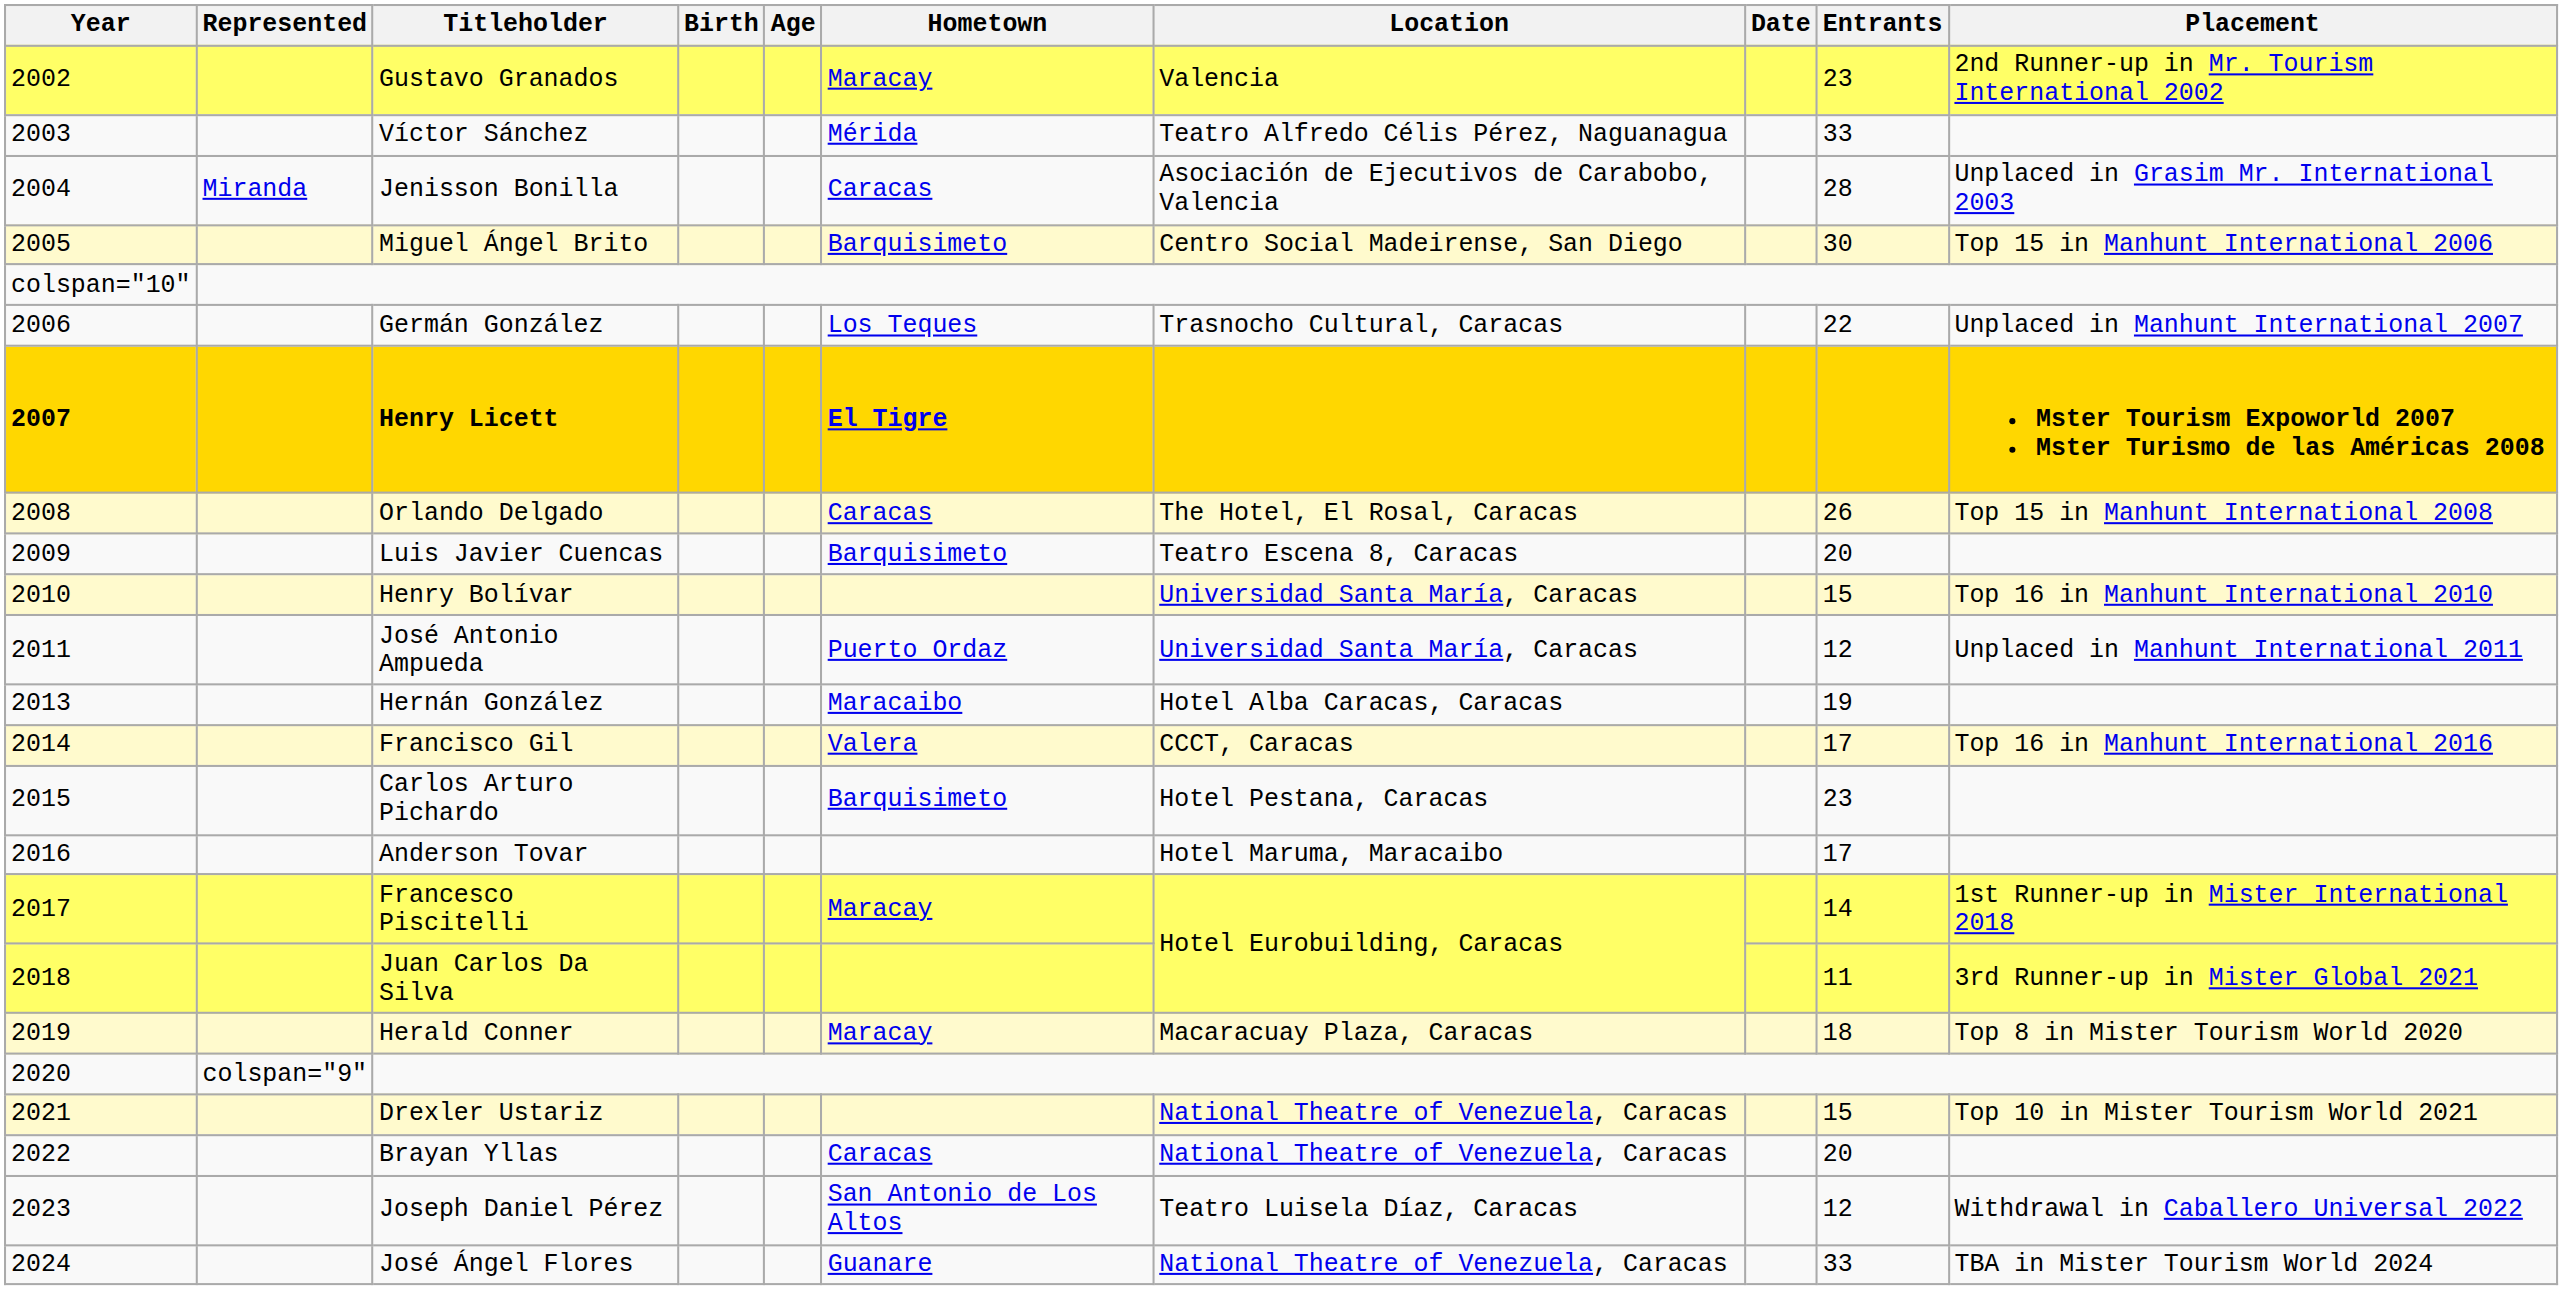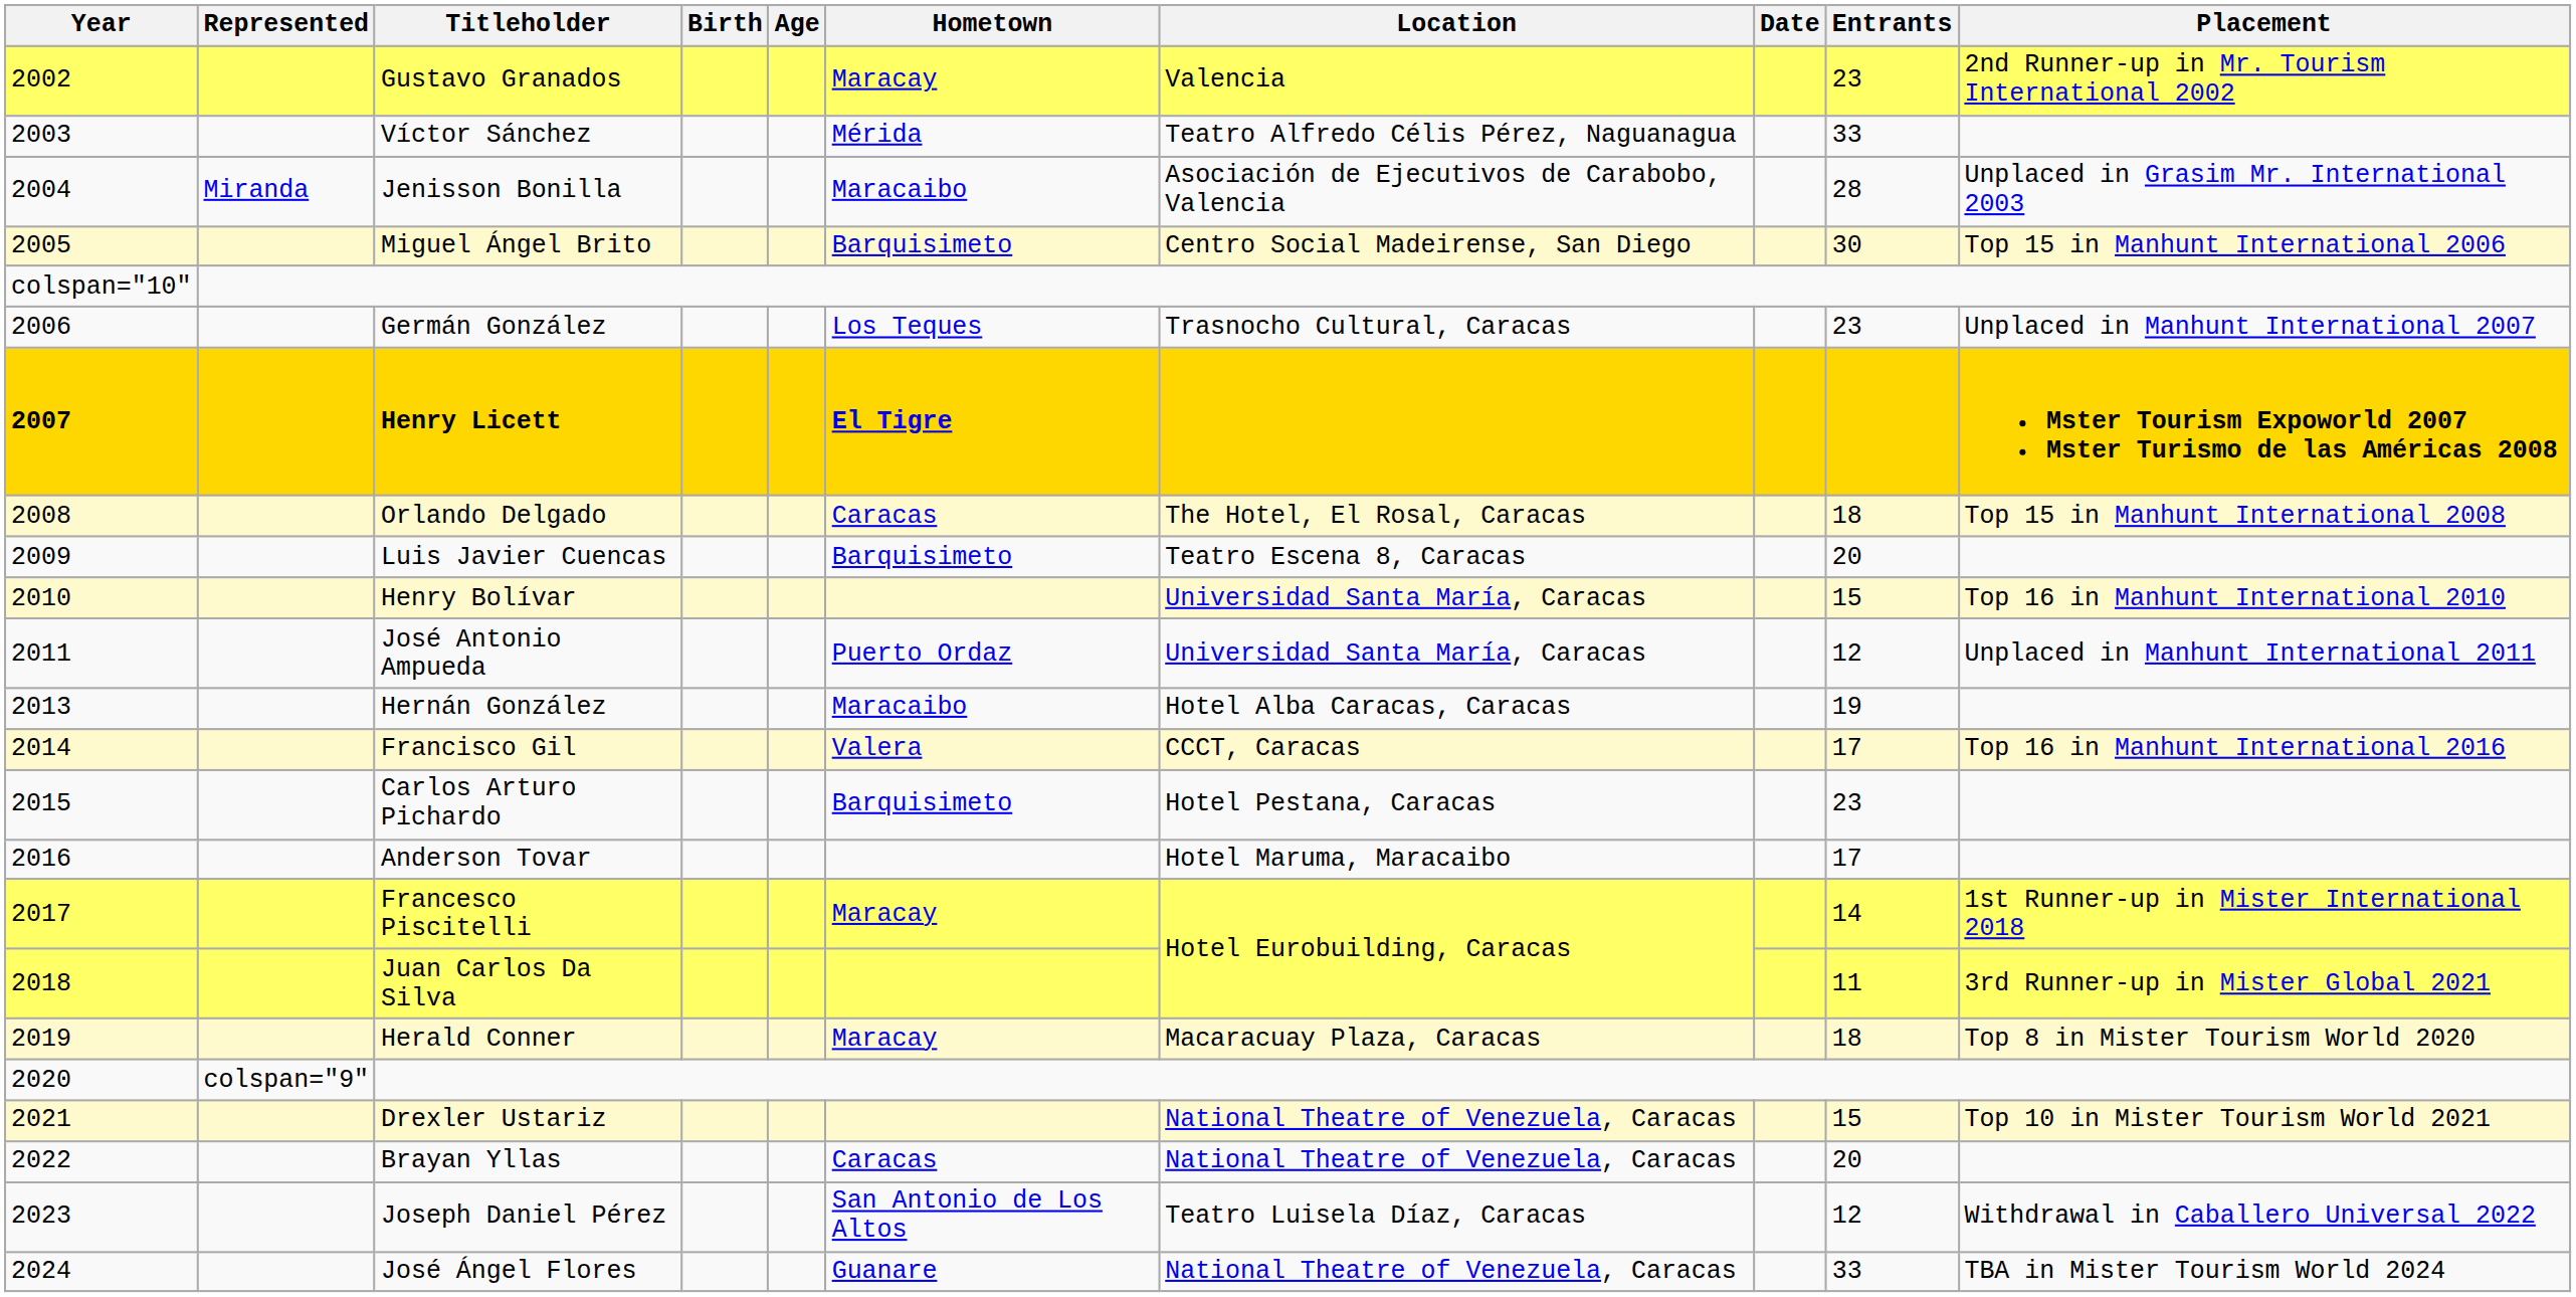 <table class="wikitable sortable" style="margin: 0 1em 0 0; background: #f9f9f9; border: 1px #aaa solid; border-collapse: collapse; font-size: 94%;">
 <tr bgcolor="efefef">
 <th>Year</th>
 <th>Represented</th>
 <th>Titleholder</th>
 <th>Birth</th>
 <th>Age</th>
 <th>Hometown</th>
 <th>Location</th>
 <th>Date</th>
 <th>Entrants</th>
 <th>Placement</th>
 </tr>
 <tr style="background-color:#FFFF66;">
 <td>2002</td>
 <td></td>
 <td>Gustavo Granados</td>
 <td></td>
 <td></td>
 <td><a href='#'>Maracay</a></td>
 <td>Valencia</td>
 <td></td>
 <td>23</td>
 <td>2nd Runner-up in <a href='#'>Mr. Tourism International 2002</a></td>
 </tr>
 <tr>
 <td>2003</td>
 <td></td>
 <td>Víctor Sánchez</td>
 <td></td>
 <td></td>
 <td><a href='#'>Mérida</a></td>
 <td>Teatro Alfredo Célis Pérez, Naguanagua</td>
 <td></td>
 <td>33</td>
 <td></td>
 </tr>
 <tr>
 <td>2004</td>
 <td> <a href='#'>Miranda</a></td>
 <td>Jenisson Bonilla</td>
 <td></td>
 <td></td>
-<td><a href='#'>Caracas</a></td>
+<td><a href='#'>Maracaibo</a></td>
 <td>Asociación de Ejecutivos de Carabobo, Valencia</td>
 <td></td>
 <td>28</td>
 <td>Unplaced in <a href='#'>Grasim Mr. International 2003</a></td>
 </tr>
 <tr style="background-color:#FFFACD;">
 <td>2005</td>
 <td></td>
 <td>Miguel Ángel Brito</td>
 <td></td>
 <td></td>
 <td><a href='#'>Barquisimeto</a></td>
 <td>Centro Social Madeirense, San Diego</td>
 <td></td>
 <td>30</td>
 <td>Top 15 in <a href='#'>Manhunt International 2006</a></td>
 </tr>
 <tr>
 <td>colspan="10" </td>
 </tr>
 <tr>
 <td>2006</td>
 <td></td>
 <td>Germán González</td>
 <td></td>
 <td></td>
 <td><a href='#'>Los Teques</a></td>
 <td>Trasnocho Cultural, Caracas</td>
 <td></td>
-<td>22</td>
+<td>23</td>
 <td>Unplaced in <a href='#'>Manhunt International 2007</a></td>
 </tr>
 <tr style="background-color:gold; font-weight: bold ">
 <td>2007</td>
 <td></td>
 <td>Henry Licett</td>
 <td></td>
 <td></td>
 <td><a href='#'>El Tigre</a></td>
 <td></td>
 <td></td>
 <td></td>
 <td><br><ul><li>Mster Tourism Expoworld 2007</li><li>Mster Turismo de las Américas 2008</li></ul></td>
 </tr>
 <tr style="background-color:#FFFACD;">
 <td>2008</td>
 <td></td>
 <td>Orlando Delgado</td>
 <td></td>
 <td></td>
 <td><a href='#'>Caracas</a></td>
 <td>The Hotel, El Rosal, Caracas</td>
 <td></td>
-<td>26</td>
+<td>18</td>
 <td>Top 15 in <a href='#'>Manhunt International 2008</a></td>
 </tr>
 <tr>
 <td>2009</td>
 <td></td>
 <td>Luis Javier Cuencas</td>
 <td></td>
 <td></td>
 <td><a href='#'>Barquisimeto</a></td>
 <td>Teatro Escena 8, Caracas</td>
 <td></td>
 <td>20</td>
 <td></td>
 </tr>
 <tr style="background-color:#FFFACD;">
 <td>2010</td>
 <td></td>
 <td>Henry Bolívar</td>
 <td></td>
 <td></td>
 <td></td>
 <td><a href='#'>Universidad Santa María</a>, Caracas</td>
 <td></td>
 <td>15</td>
 <td>Top 16 in <a href='#'>Manhunt International 2010</a></td>
 </tr>
 <tr>
 <td>2011</td>
 <td></td>
 <td>José Antonio Ampueda</td>
 <td></td>
 <td></td>
 <td><a href='#'>Puerto Ordaz</a></td>
 <td><a href='#'>Universidad Santa María</a>, Caracas</td>
 <td></td>
 <td>12</td>
 <td>Unplaced in <a href='#'>Manhunt International 2011</a></td>
 </tr>
 <tr>
 <td>2013</td>
 <td></td>
 <td>Hernán González</td>
 <td></td>
 <td></td>
 <td><a href='#'>Maracaibo</a></td>
 <td>Hotel Alba Caracas, Caracas</td>
 <td></td>
 <td>19</td>
 <td></td>
 </tr>
 <tr style="background-color:#FFFACD;">
 <td>2014</td>
 <td></td>
 <td>Francisco Gil</td>
 <td></td>
 <td></td>
 <td><a href='#'>Valera</a></td>
 <td>CCCT, Caracas</td>
 <td></td>
 <td>17</td>
 <td>Top 16 in <a href='#'>Manhunt International 2016</a></td>
 </tr>
 <tr>
 <td>2015</td>
 <td></td>
 <td>Carlos Arturo Pichardo</td>
 <td></td>
 <td></td>
 <td><a href='#'>Barquisimeto</a></td>
 <td>Hotel Pestana, Caracas</td>
 <td></td>
 <td>23</td>
 <td></td>
 </tr>
 <tr>
 <td>2016</td>
 <td></td>
 <td>Anderson Tovar</td>
 <td></td>
 <td></td>
 <td></td>
 <td>Hotel Maruma, Maracaibo</td>
 <td></td>
 <td>17</td>
 <td></td>
 </tr>
 <tr style="background-color:#FFFF66;">
 <td>2017</td>
 <td></td>
 <td>Francesco Piscitelli</td>
 <td></td>
 <td></td>
 <td><a href='#'>Maracay</a></td>
 <td rowspan="2">Hotel Eurobuilding, Caracas</td>
 <td></td>
 <td>14</td>
 <td>1st Runner-up in <a href='#'>Mister International 2018</a></td>
 </tr>
 <tr style="background-color:#FFFF66;">
 <td>2018</td>
 <td></td>
 <td>Juan Carlos Da Silva</td>
 <td></td>
 <td></td>
 <td></td>
 <td></td>
 <td>11</td>
 <td>3rd Runner-up in <a href='#'>Mister Global 2021</a></td>
 </tr>
 <tr style="background-color:#FFFACD;">
 <td>2019</td>
 <td></td>
 <td>Herald Conner</td>
 <td></td>
 <td></td>
 <td><a href='#'>Maracay</a></td>
 <td>Macaracuay Plaza, Caracas</td>
 <td></td>
 <td>18</td>
 <td>Top 8 in Mister Tourism World 2020</td>
 </tr>
 <tr>
 <td>2020</td>
 <td>colspan="9" </td>
 </tr>
 <tr style="background-color:#FFFACD;">
 <td>2021</td>
 <td></td>
 <td>Drexler Ustariz</td>
 <td></td>
 <td></td>
 <td></td>
 <td><a href='#'>National Theatre of Venezuela</a>, Caracas</td>
 <td></td>
 <td>15</td>
 <td>Top 10 in Mister Tourism World 2021</td>
 </tr>
 <tr>
 <td>2022</td>
 <td></td>
 <td>Brayan Yllas</td>
 <td></td>
 <td></td>
 <td><a href='#'>Caracas</a></td>
 <td><a href='#'>National Theatre of Venezuela</a>, Caracas</td>
 <td></td>
 <td>20</td>
 <td></td>
 </tr>
 <tr>
 <td>2023</td>
 <td></td>
 <td>Joseph Daniel Pérez</td>
 <td></td>
 <td></td>
 <td><a href='#'>San Antonio de Los Altos</a></td>
 <td>Teatro Luisela Díaz, Caracas</td>
 <td></td>
 <td>12</td>
 <td>Withdrawal in <a href='#'>Caballero Universal 2022</a></td>
 </tr>
 <tr>
 <td>2024</td>
 <td></td>
 <td>José Ángel Flores</td>
 <td></td>
 <td></td>
 <td><a href='#'>Guanare</a></td>
 <td><a href='#'>National Theatre of Venezuela</a>, Caracas</td>
 <td></td>
 <td>33</td>
 <td>TBA in Mister Tourism World 2024</td>
 </tr>
 </table>
